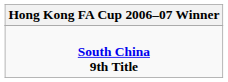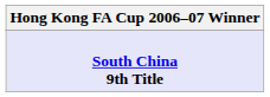 <table class="wikitable" style="text-align: center; margin: 0 auto;">
 <tr>
 <th>Hong Kong FA Cup 2006–07 Winner</th>
 </tr>
 <tr>
 </tr>
 <tr>
-<td><br><strong><a href='#'>South China</a></strong><br><strong>9th Title</strong></td>
+<td style="background: lavender;"><br><strong><a href='#'>South China</a></strong><br><strong>9th Title</strong></td>
 </tr>
 </table>
